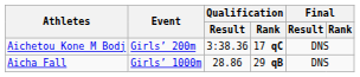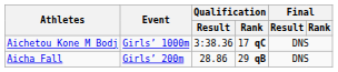 <table class="wikitable" border="1" style="font-size:90%">
 <tr>
 <th rowspan=2>Athletes</th>
 <th rowspan=2>Event</th>
 <th colspan=2>Qualification</th>
 <th colspan=2>Final</th>
 </tr>
 <tr>
 <th>Result</th>
 <th>Rank</th>
 <th>Result</th>
 <th>Rank</th>
 </tr>
 <tr>
 <td><a href='#'>Aichetou Kone M Bodj</a></td>
-<td><a href='#'>Girls’ 200m</a></td>
+<td><a href='#'>Girls’ 1000m</a></td>
 <td align=center>3:38.36</td>
 <td align=center>17 <strong>qC</strong></td>
 <td align=center colspan=2>DNS</td>
 </tr>
 <tr>
 <td><a href='#'>Aicha Fall</a></td>
-<td><a href='#'>Girls’ 1000m</a></td>
+<td><a href='#'>Girls’ 200m</a></td>
 <td align=center>28.86</td>
 <td align=center>29 <strong>qB</strong></td>
 <td align=center colspan=2>DNS</td>
 </tr>
 </table>
